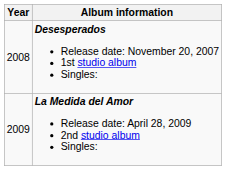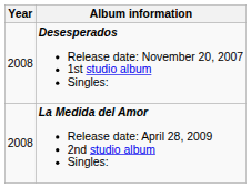 <table class="wikitable">
 <tr>
 <th align="center">Year</th>
 <th align="center">Album information</th>
 </tr>
 <tr>
 <td>2008</td>
 <td><strong><em>Desesperados</em></strong><br><ul><li>Release date: November 20, 2007</li><li>1st <a href='#'>studio album</a></li><li>Singles:</li></ul></td>
 </tr>
 <tr>
-<td>2009</td>
+<td>2008</td>
 <td><strong><em>La Medida del Amor</em></strong><br><ul><li>Release date: April 28, 2009</li><li>2nd <a href='#'>studio album</a></li><li>Singles:</li></ul></td>
 </tr>
 </table>
